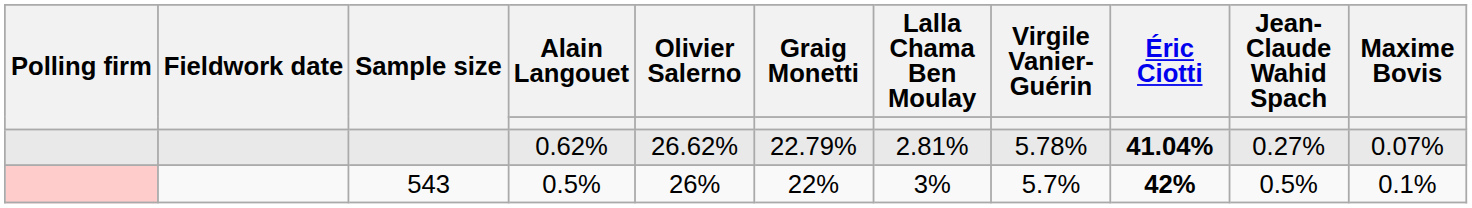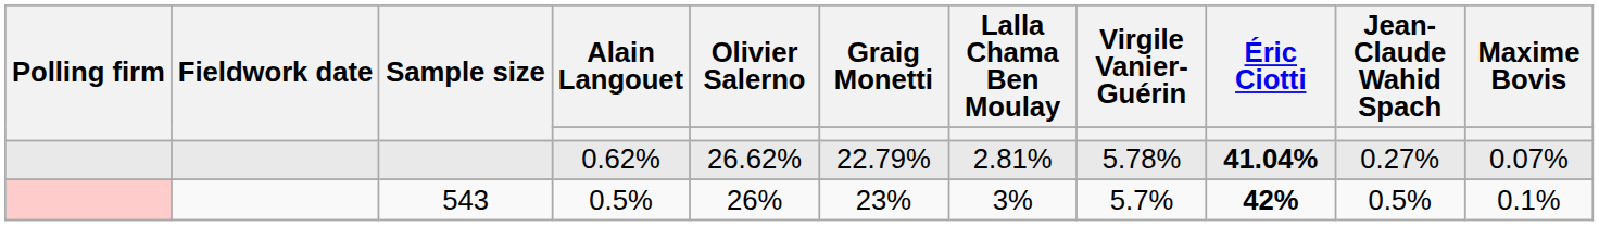 <table class="wikitable sortable" style="text-align:center;font-size:90%;line-height:14px">
 <tr style="height:40px;">
 <th rowspan="2">Polling firm</th>
 <th rowspan="2">Fieldwork date</th>
 <th rowspan="2">Sample size</th>
 <th class="unsortable" style="width:60px">Alain Langouet<br></th>
 <th class="unsortable" style="width:60px">Olivier Salerno<br></th>
 <th class="unsortable" style="width:60px">Graig Monetti<br></th>
 <th class="unsortable" style="width:60px">Lalla Chama Ben Moulay<br></th>
 <th class="unsortable" style="width:60px">Virgile Vanier-Guérin<br></th>
 <th class="unsortable" style="width:60px"><a href='#'>Éric Ciotti</a><br></th>
 <th class="unsortable" style="width:60px">Jean-Claude Wahid Spach<br></th>
 <th class="unsortable" style="width:60px">Maxime Bovis<br></th>
 </tr>
 <tr>
 <th style="background:"></th>
 <th style="background:"></th>
 <th style="background:"></th>
 <th style="background:"></th>
 <th style="background:"></th>
 <th style="background:"></th>
 <th style="background:"></th>
 <th style="background:"></th>
 </tr>
 <tr style="background:#E9E9E9">
 <td></td>
 <td></td>
 <td></td>
 <td>0.62%</td>
 <td>26.62%</td>
 <td>22.79%</td>
 <td>2.81%</td>
 <td>5.78%</td>
 <td style="background-color:#"><strong>41.04%</strong></td>
 <td>0.27%</td>
 <td>0.07%</td>
 </tr>
 <tr>
 <td style="background:#FFCCCC"></td>
 <td></td>
 <td>543</td>
 <td>0.5%</td>
 <td>26%</td>
-<td>22%</td>
+<td>23%</td>
 <td>3%</td>
 <td>5.7%</td>
 <td style="background-color:#"><strong>42%</strong></td>
 <td>0.5%</td>
 <td>0.1%</td>
 </tr>
 </table>
